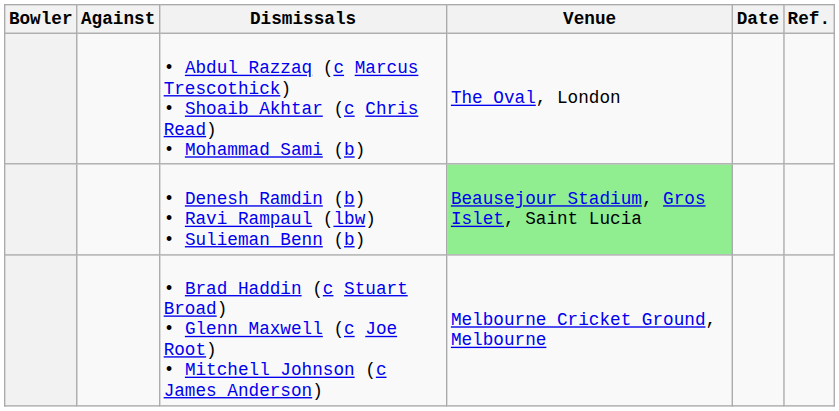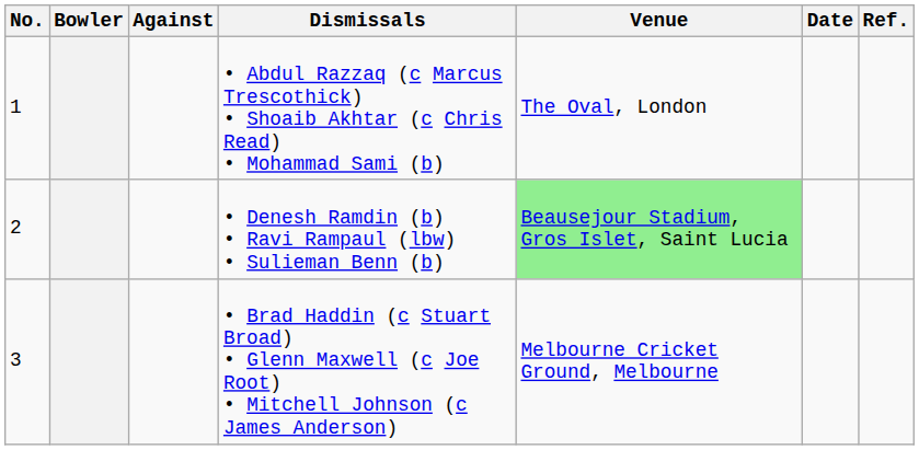 <table class="wikitable sortable plainrowheaders" style="font-size: 100%">
 <tr>
+<th scope="col">No.</th>
 <th scope="col">Bowler</th>
 <th scope="col">Against</th>
 <th scope="col">Dismissals</th>
 <th scope="col">Venue</th>
 <th scope="col">Date</th>
 <th scope="col" class="unsortable">Ref.</th>
 </tr>
 <tr>
+<td>1</td>
 <th scope="row"></th>
 <td></td>
 <td><br>• <a href='#'>Abdul Razzaq</a> (<a href='#'>c</a> <a href='#'>Marcus Trescothick</a>)<br> • <a href='#'>Shoaib Akhtar</a> (<a href='#'>c</a> <a href='#'>Chris Read</a>)<br> • <a href='#'>Mohammad Sami</a> (<a href='#'>b</a>)</td>
 <td><a href='#'>The Oval</a>, London</td>
 <td></td>
 <td></td>
 </tr>
 <tr>
+<td>2</td>
 <th scope="row"></th>
 <td></td>
 <td><br>• <a href='#'>Denesh Ramdin</a> (<a href='#'>b</a>)<br> • <a href='#'>Ravi Rampaul</a> (<a href='#'>lbw</a>)<br> • <a href='#'>Sulieman Benn</a> (<a href='#'>b</a>)</td>
 <td style="background: lightgreen;"><a href='#'>Beausejour Stadium</a>, <a href='#'>Gros Islet</a>, Saint Lucia</td>
 <td></td>
 <td></td>
 </tr>
 <tr>
+<td>3</td>
 <th scope="row"></th>
 <td></td>
 <td><br>• <a href='#'>Brad Haddin</a> (<a href='#'>c</a> <a href='#'>Stuart Broad</a>)<br> • <a href='#'>Glenn Maxwell</a> (<a href='#'>c</a> <a href='#'>Joe Root</a>)<br> • <a href='#'>Mitchell Johnson</a> (<a href='#'>c</a> <a href='#'>James Anderson</a>)<br></td>
 <td><a href='#'>Melbourne Cricket Ground</a>, <a href='#'>Melbourne</a></td>
 <td></td>
 <td></td>
 </tr>
 </table>
